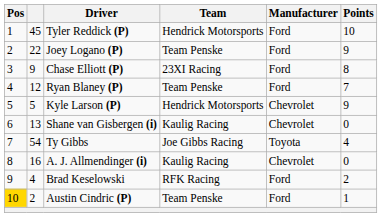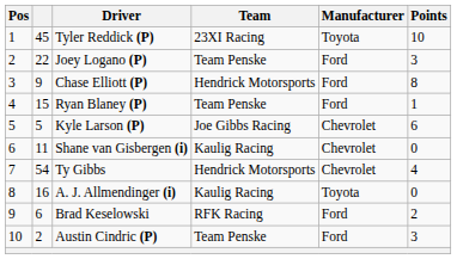 <table class="wikitable" style="font-size:98%">
 <tr>
 <th>Pos</th>
 <th></th>
 <th>Driver</th>
 <th>Team</th>
 <th>Manufacturer</th>
 <th>Points</th>
 </tr>
 <tr>
 <td>1</td>
 <td>45</td>
 <td>Tyler Reddick <strong>(P)</strong></td>
-<td>Hendrick Motorsports</td>
-<td>Ford</td>
+<td>23XI Racing</td>
+<td>Toyota</td>
 <td>10</td>
 </tr>
 <tr>
 <td>2</td>
 <td>22</td>
 <td>Joey Logano <strong>(P)</strong></td>
 <td>Team Penske</td>
 <td>Ford</td>
-<td>9</td>
+<td>3</td>
 </tr>
 <tr>
 <td>3</td>
 <td>9</td>
 <td>Chase Elliott <strong>(P)</strong></td>
-<td>23XI Racing</td>
+<td>Hendrick Motorsports</td>
 <td>Ford</td>
 <td>8</td>
 </tr>
 <tr>
 <td>4</td>
-<td>12</td>
+<td>15</td>
 <td>Ryan Blaney <strong>(P)</strong></td>
 <td>Team Penske</td>
 <td>Ford</td>
-<td>7</td>
+<td>1</td>
 </tr>
 <tr>
 <td>5</td>
 <td>5</td>
 <td>Kyle Larson <strong>(P)</strong></td>
-<td>Hendrick Motorsports</td>
+<td>Joe Gibbs Racing</td>
 <td>Chevrolet</td>
-<td>9</td>
+<td>6</td>
 </tr>
 <tr>
 <td>6</td>
-<td>13</td>
+<td>11</td>
 <td>Shane van Gisbergen <strong>(i)</strong></td>
 <td>Kaulig Racing</td>
 <td>Chevrolet</td>
 <td>0</td>
 </tr>
 <tr>
 <td>7</td>
 <td>54</td>
 <td>Ty Gibbs</td>
-<td>Joe Gibbs Racing</td>
-<td>Toyota</td>
+<td>Hendrick Motorsports</td>
+<td>Chevrolet</td>
 <td>4</td>
 </tr>
 <tr>
 <td>8</td>
 <td>16</td>
 <td>A. J. Allmendinger <strong>(i)</strong></td>
 <td>Kaulig Racing</td>
-<td>Chevrolet</td>
+<td>Toyota</td>
 <td>0</td>
 </tr>
 <tr>
 <td>9</td>
-<td>4</td>
+<td>6</td>
 <td>Brad Keselowski</td>
 <td>RFK Racing</td>
 <td>Ford</td>
 <td>2</td>
 </tr>
 <tr>
-<td style="background: gold;">10</td>
+<td>10</td>
 <td>2</td>
 <td>Austin Cindric <strong>(P)</strong></td>
 <td>Team Penske</td>
 <td>Ford</td>
-<td>1</td>
+<td>3</td>
 </tr>
 <tr>
 <th colspan="6"></th>
 </tr>
 </table>
